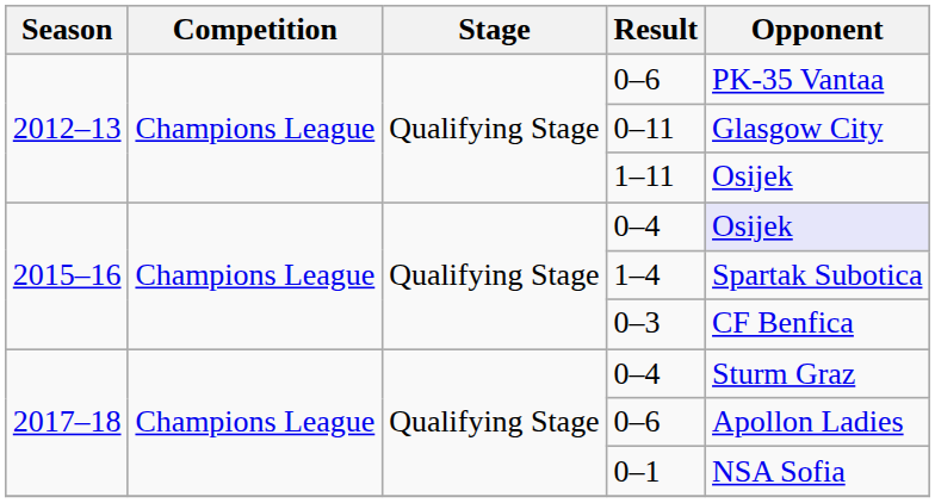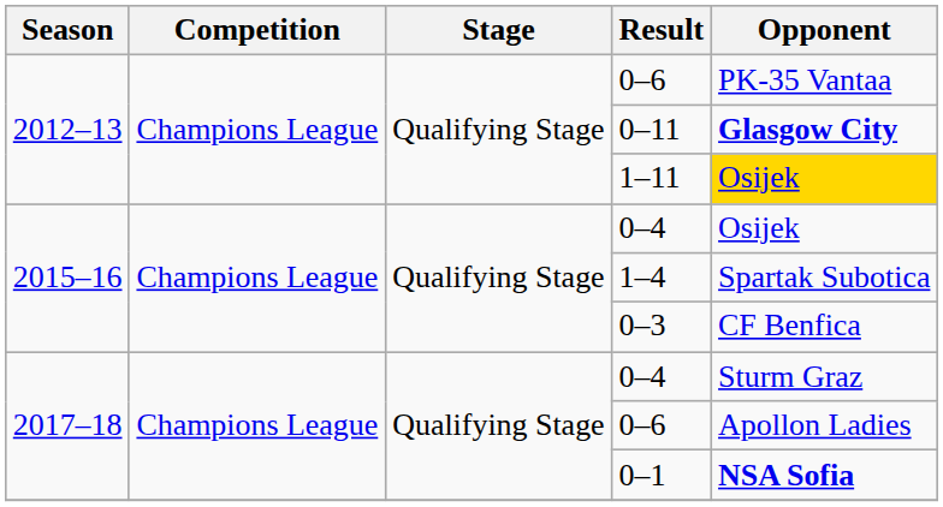 <table class="wikitable">
 <tr>
 <th>Season</th>
 <th>Competition</th>
 <th>Stage</th>
 <th>Result</th>
 <th>Opponent</th>
 </tr>
 <tr>
 <td rowspan=3><a href='#'>2012–13</a></td>
 <td rowspan=3><a href='#'>Champions League</a></td>
 <td rowspan=3>Qualifying Stage</td>
 <td>0–6</td>
 <td> <a href='#'>PK-35 Vantaa</a></td>
 </tr>
 <tr>
 <td>0–11</td>
-<td> <a href='#'>Glasgow City</a></td>
+<td><strong> <a href='#'>Glasgow City</a></strong></td>
 </tr>
 <tr>
 <td>1–11</td>
-<td> <a href='#'>Osijek</a></td>
+<td style="background: gold;"> <a href='#'>Osijek</a></td>
 </tr>
 <tr>
 <td rowspan=3><a href='#'>2015–16</a></td>
 <td rowspan=3><a href='#'>Champions League</a></td>
 <td rowspan=3>Qualifying Stage</td>
 <td>0–4</td>
-<td style="background: lavender;"> <a href='#'>Osijek</a></td>
+<td> <a href='#'>Osijek</a></td>
 </tr>
 <tr>
 <td>1–4</td>
 <td> <a href='#'>Spartak Subotica</a></td>
 </tr>
 <tr>
 <td>0–3</td>
 <td> <a href='#'>CF Benfica</a></td>
 </tr>
 <tr>
 <td rowspan=3><a href='#'>2017–18</a></td>
 <td rowspan=3><a href='#'>Champions League</a></td>
 <td rowspan=3>Qualifying Stage</td>
 <td>0–4</td>
 <td> <a href='#'>Sturm Graz</a></td>
 </tr>
 <tr>
 <td>0–6</td>
 <td> <a href='#'>Apollon Ladies</a></td>
 </tr>
 <tr>
 <td>0–1</td>
-<td> <a href='#'>NSA Sofia</a></td>
+<td><strong> <a href='#'>NSA Sofia</a></strong></td>
 </tr>
 <tr>
 </tr>
 </table>
